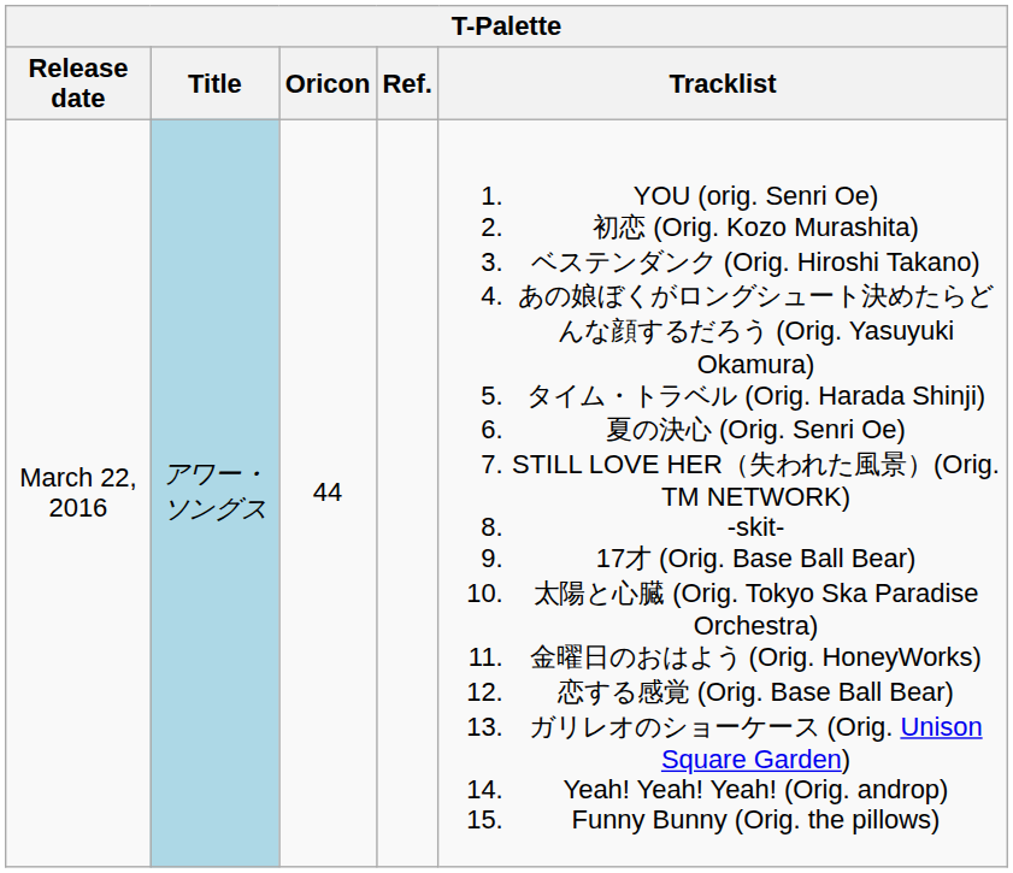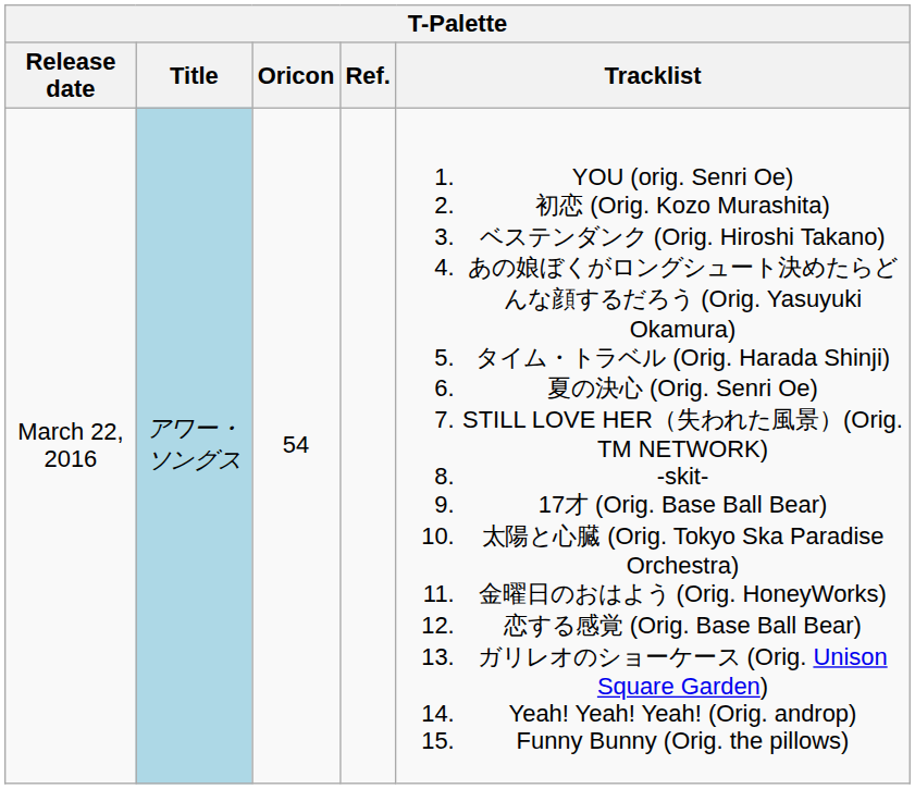 <table class="wikitable plainrowheaders" style="text-align: center">
 <tr>
 <th colspan="5">T-Palette</th>
 </tr>
 <tr>
 <th>Release date</th>
 <th>Title</th>
 <th>Oricon</th>
 <th>Ref.</th>
 <th>Tracklist</th>
 </tr>
 <tr>
 <td>March 22, 2016</td>
 <td style="background: lightblue;"><em>アワー・ソングス</em></td>
-<td>44</td>
+<td>54</td>
 <td></td>
 <td><br><ol><li>YOU (orig. Senri Oe)</li><li>初恋 (Orig. Kozo Murashita)</li><li>ベステンダンク (Orig. Hiroshi Takano)</li><li>あの娘ぼくがロングシュート決めたらどんな顔するだろう (Orig. Yasuyuki Okamura)</li><li>タイム・トラベル (Orig. Harada Shinji)</li><li>夏の決心 (Orig. Senri Oe)</li><li>STILL LOVE HER（失われた風景）(Orig. TM NETWORK)</li><li>-skit-</li><li>17才 (Orig. Base Ball Bear)</li><li>太陽と心臓 (Orig. Tokyo Ska Paradise Orchestra)</li><li>金曜日のおはよう (Orig. HoneyWorks)</li><li>恋する感覚 (Orig. Base Ball Bear)</li><li>ガリレオのショーケース (Orig. <a href='#'>Unison Square Garden</a>)</li><li>Yeah! Yeah! Yeah! (Orig. androp)</li><li>Funny Bunny (Orig. the pillows)</li></ol></td>
 </tr>
 </table>
